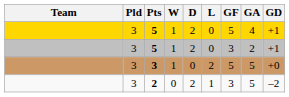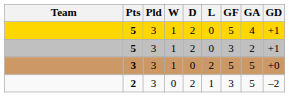 <table class="wikitable" style="text-align: center;">
 <tr>
 <th width=165>Team</th>
+<th width=20>Pts</th>
 <th width=20>Pld</th>
-<th width=20>Pts</th>
 <th width=20>W</th>
 <th width=20>D</th>
 <th width=20>L</th>
 <th width=20>GF</th>
 <th width=20>GA</th>
 <th width=20>GD</th>
 </tr>
 <tr bgcolor=gold>
 <td style="text-align:left;"></td>
+<td><strong>5</strong></td>
 <td>3</td>
-<td><strong>5</strong></td>
 <td>1</td>
 <td>2</td>
 <td>0</td>
 <td>5</td>
 <td>4</td>
 <td>+1</td>
 </tr>
 <tr bgcolor=silver>
 <td style="text-align:left;"></td>
+<td><strong>5</strong></td>
 <td>3</td>
-<td><strong>5</strong></td>
 <td>1</td>
 <td>2</td>
 <td>0</td>
 <td>3</td>
 <td>2</td>
 <td>+1</td>
 </tr>
 <tr bgcolor="#cc9966">
 <td style="text-align:left;"></td>
+<td><strong>3</strong></td>
 <td>3</td>
-<td><strong>3</strong></td>
 <td>1</td>
 <td>0</td>
 <td>2</td>
 <td>5</td>
 <td>5</td>
 <td>+0</td>
 </tr>
 <tr>
 <td style="text-align:left;"></td>
+<td><strong>2</strong></td>
 <td>3</td>
-<td><strong>2</strong></td>
 <td>0</td>
 <td>2</td>
 <td>1</td>
 <td>3</td>
 <td>5</td>
 <td>–2</td>
 </tr>
 </table>
